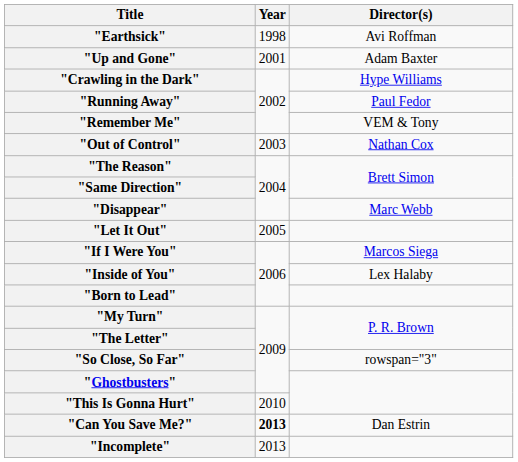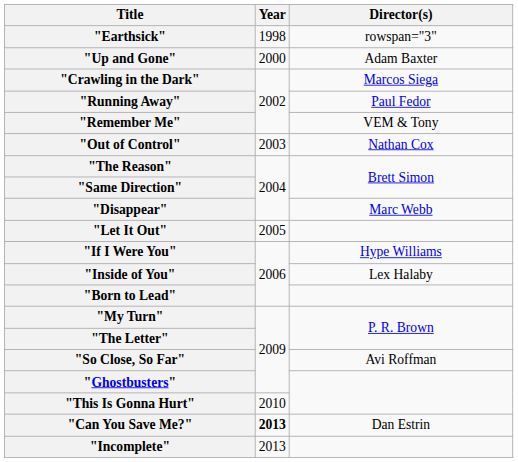 <table class="wikitable plainrowheaders" style="text-align:center;">
 <tr>
 <th scope="col" style="width:18em;">Title</th>
 <th scope="col">Year</th>
 <th scope="col" style="width:16em;">Director(s)</th>
 </tr>
 <tr>
 <th scope="row">"Earthsick"</th>
 <td>1998</td>
-<td>Avi Roffman</td>
+<td>rowspan="3" </td>
 </tr>
 <tr>
 <th scope="row">"Up and Gone"</th>
-<td>2001</td>
+<td>2000</td>
 <td>Adam Baxter</td>
 </tr>
 <tr>
 <th scope="row">"Crawling in the Dark"</th>
 <td rowspan="3">2002</td>
-<td><a href='#'>Hype Williams</a></td>
+<td><a href='#'>Marcos Siega</a></td>
 </tr>
 <tr>
 <th scope="row">"Running Away"</th>
 <td><a href='#'>Paul Fedor</a></td>
 </tr>
 <tr>
 <th scope="row">"Remember Me"</th>
 <td>VEM & Tony</td>
 </tr>
 <tr>
 <th scope="row">"Out of Control"</th>
 <td>2003</td>
 <td><a href='#'>Nathan Cox</a></td>
 </tr>
 <tr>
 <th scope="row">"The Reason"</th>
 <td rowspan="3">2004</td>
 <td rowspan="2"><a href='#'>Brett Simon</a></td>
 </tr>
 <tr>
 <th scope="row">"Same Direction"</th>
 </tr>
 <tr>
 <th scope="row">"Disappear"</th>
 <td><a href='#'>Marc Webb</a></td>
 </tr>
 <tr>
 <th scope="row">"Let It Out"</th>
 <td>2005</td>
 <td></td>
 </tr>
 <tr>
 <th scope="row">"If I Were You"</th>
 <td rowspan="3">2006</td>
-<td><a href='#'>Marcos Siega</a></td>
+<td><a href='#'>Hype Williams</a></td>
 </tr>
 <tr>
 <th scope="row">"Inside of You"</th>
 <td>Lex Halaby</td>
 </tr>
 <tr>
 <th scope="row">"Born to Lead"</th>
 <td></td>
 </tr>
 <tr>
 <th scope="row">"My Turn"</th>
 <td rowspan="4">2009</td>
 <td rowspan="2"><a href='#'>P. R. Brown</a></td>
 </tr>
 <tr>
 <th scope="row">"The Letter"</th>
 </tr>
 <tr>
 <th scope="row">"So Close, So Far"</th>
-<td>rowspan="3" </td>
+<td>Avi Roffman</td>
 </tr>
 <tr>
 <th scope="row">"<a href='#'>Ghostbusters</a>"</th>
 </tr>
 <tr>
 <th scope="row">"This Is Gonna Hurt"</th>
 <td>2010</td>
 </tr>
 <tr>
 <th scope="row">"Can You Save Me?"</th>
 <td><strong>2013</strong></td>
 <td>Dan Estrin</td>
 </tr>
 <tr>
 <th scope="row">"Incomplete"</th>
 <td>2013</td>
 <td></td>
 </tr>
 </table>
